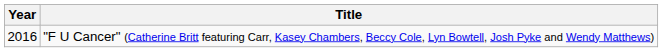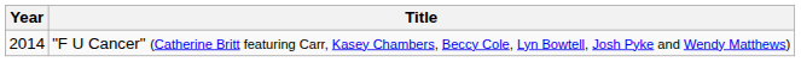 <table class="wikitable" style=text-align:center;>
 <tr>
 <th>Year</th>
 <th>Title</th>
 </tr>
 <tr>
-<td style="text-align:center;">2016</td>
+<td style="text-align:center;">2014</td>
 <td style="text-align:left;">"F U Cancer" <small>(<a href='#'>Catherine Britt</a> featuring Carr, <a href='#'>Kasey Chambers</a>, <a href='#'>Beccy Cole</a>, <a href='#'>Lyn Bowtell</a>, <a href='#'>Josh Pyke</a> and <a href='#'>Wendy Matthews</a>) </small></td>
 </tr>
 </table>
